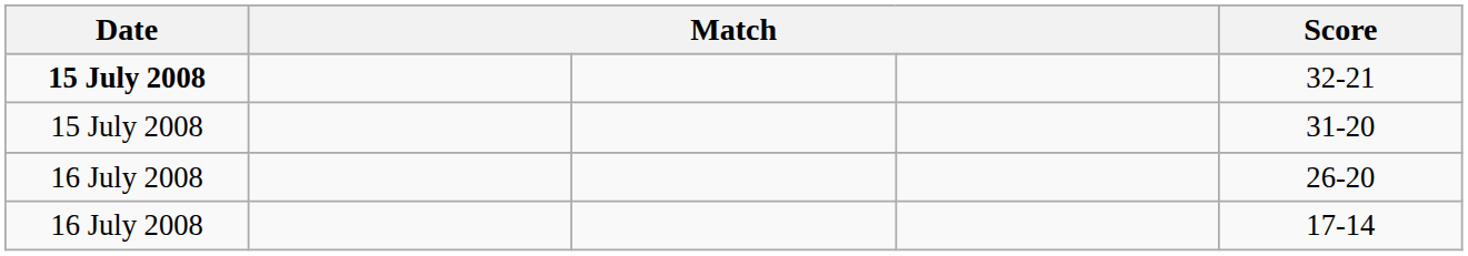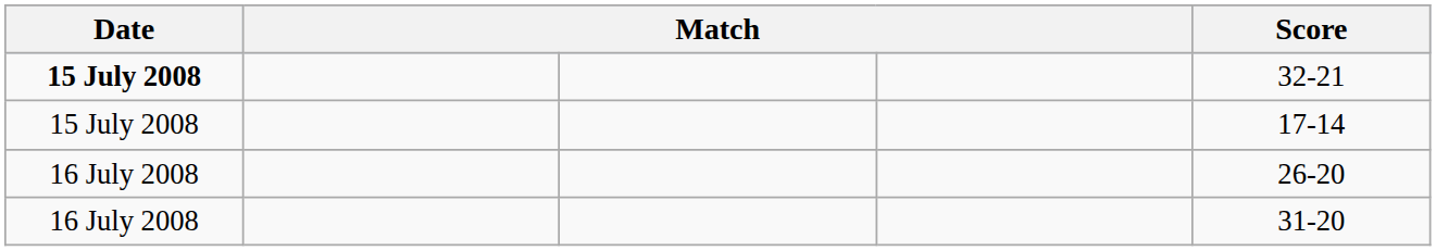 <table width=750 class="wikitable">
 <tr bgcolor="lightsteelblue">
 <th width=15%>Date</th>
 <th width=60% colspan=3>Match</th>
 <th width=15%>Score</th>
 </tr>
 <tr style=font-size:95%>
 <td align=center><strong>15 July 2008</strong></td>
 <td align=center></td>
 <td></td>
 <td></td>
 <td align=center>32-21</td>
 </tr>
 <tr style=font-size:95%>
 <td align=center>15 July 2008</td>
 <td align=center></td>
 <td></td>
 <td></td>
-<td align=center>31-20</td>
+<td align=center>17-14</td>
 </tr>
 <tr style=font-size:95%>
 <td align=center>16 July 2008</td>
 <td align=center></td>
 <td></td>
 <td></td>
 <td align=center>26-20</td>
 </tr>
 <tr style=font-size:95%>
 <td align=center>16 July 2008</td>
 <td align=center></td>
 <td></td>
 <td></td>
-<td align=center>17-14</td>
+<td align=center>31-20</td>
 </tr>
 </table>
